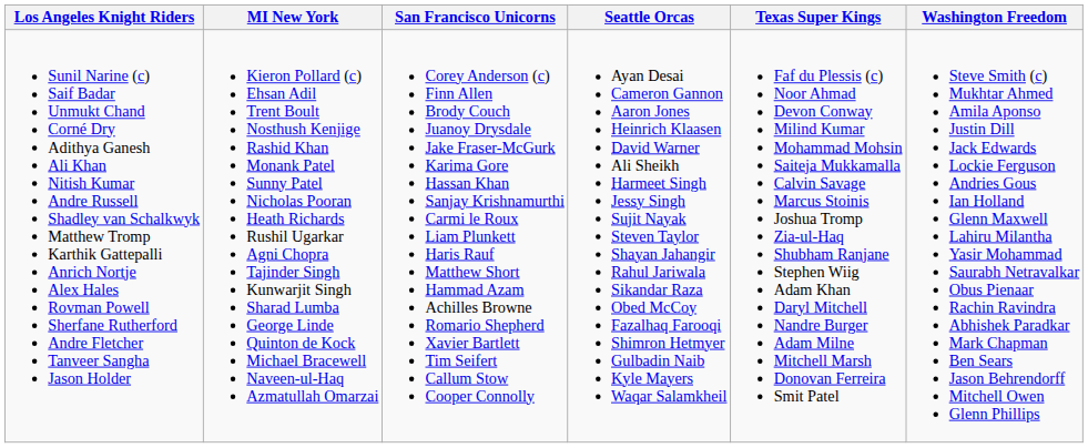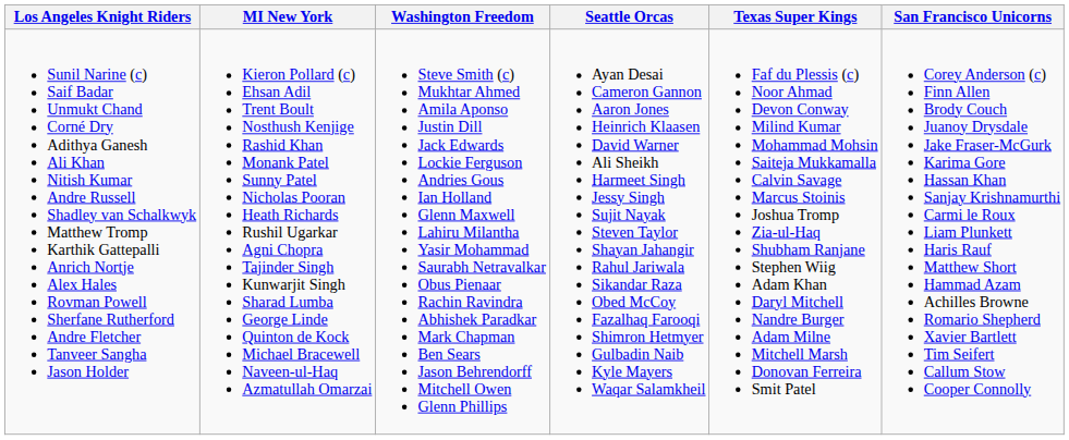 <table class="wikitable">
 <tr>
 <th><a href='#'>Los Angeles Knight Riders</a></th>
 <th><a href='#'>MI New York</a></th>
-<th><a href='#'>San Francisco Unicorns</a></th>
+<th><a href='#'>Washington Freedom</a></th>
 <th><a href='#'>Seattle Orcas</a></th>
 <th><a href='#'>Texas Super Kings</a></th>
-<th><a href='#'>Washington Freedom</a></th>
+<th><a href='#'>San Francisco Unicorns</a></th>
 </tr>
 <tr style="vertical-align:top">
 <td><br><ul><li><a href='#'>Sunil Narine</a> (<a href='#'>c</a>)</li><li><a href='#'>Saif Badar</a></li><li><a href='#'>Unmukt Chand</a></li><li><a href='#'>Corné Dry</a></li><li>Adithya Ganesh</li><li><a href='#'>Ali Khan</a></li><li><a href='#'>Nitish Kumar</a></li><li><a href='#'>Andre Russell</a></li><li><a href='#'>Shadley van Schalkwyk</a></li><li>Matthew Tromp</li><li>Karthik Gattepalli</li><li><a href='#'>Anrich Nortje</a></li><li><a href='#'>Alex Hales</a></li><li><a href='#'>Rovman Powell</a></li><li><a href='#'>Sherfane Rutherford</a></li><li><a href='#'>Andre Fletcher</a></li><li><a href='#'>Tanveer Sangha</a></li><li><a href='#'>Jason Holder</a></li></ul></td>
 <td><br><ul><li><a href='#'>Kieron Pollard</a> (<a href='#'>c</a>)</li><li><a href='#'>Ehsan Adil</a></li><li><a href='#'>Trent Boult</a></li><li><a href='#'>Nosthush Kenjige</a></li><li><a href='#'>Rashid Khan</a></li><li><a href='#'>Monank Patel</a></li><li><a href='#'>Sunny Patel</a></li><li><a href='#'>Nicholas Pooran</a></li><li><a href='#'>Heath Richards</a></li><li>Rushil Ugarkar</li><li><a href='#'>Agni Chopra</a></li><li><a href='#'>Tajinder Singh</a></li><li>Kunwarjit Singh</li><li><a href='#'>Sharad Lumba</a></li><li><a href='#'>George Linde</a></li><li><a href='#'>Quinton de Kock</a></li><li><a href='#'>Michael Bracewell</a></li><li><a href='#'>Naveen-ul-Haq</a></li><li><a href='#'>Azmatullah Omarzai</a></li></ul></td>
-<td><br><ul><li><a href='#'>Corey Anderson</a> (<a href='#'>c</a>)</li><li><a href='#'>Finn Allen</a></li><li><a href='#'>Brody Couch</a></li><li><a href='#'>Juanoy Drysdale</a></li><li><a href='#'>Jake Fraser-McGurk</a></li><li><a href='#'>Karima Gore</a></li><li><a href='#'>Hassan Khan</a></li><li><a href='#'>Sanjay Krishnamurthi</a></li><li><a href='#'>Carmi le Roux</a></li><li><a href='#'>Liam Plunkett</a></li><li><a href='#'>Haris Rauf</a></li><li><a href='#'>Matthew Short</a></li><li><a href='#'>Hammad Azam</a></li><li>Achilles Browne</li><li><a href='#'>Romario Shepherd</a></li><li><a href='#'>Xavier Bartlett</a></li><li><a href='#'>Tim Seifert</a></li><li><a href='#'>Callum Stow</a></li><li><a href='#'>Cooper Connolly</a></li></ul></td>
+<td><br><ul><li><a href='#'>Steve Smith</a> (<a href='#'>c</a>)</li><li><a href='#'>Mukhtar Ahmed</a></li><li><a href='#'>Amila Aponso</a></li><li><a href='#'>Justin Dill</a></li><li><a href='#'>Jack Edwards</a></li><li><a href='#'>Lockie Ferguson</a></li><li><a href='#'>Andries Gous</a></li><li><a href='#'>Ian Holland</a></li><li><a href='#'>Glenn Maxwell</a></li><li><a href='#'>Lahiru Milantha</a></li><li><a href='#'>Yasir Mohammad</a></li><li><a href='#'>Saurabh Netravalkar</a></li><li><a href='#'>Obus Pienaar</a></li><li><a href='#'>Rachin Ravindra</a></li><li><a href='#'>Abhishek Paradkar</a></li><li><a href='#'>Mark Chapman</a></li><li><a href='#'>Ben Sears</a></li><li><a href='#'>Jason Behrendorff</a></li><li><a href='#'>Mitchell Owen</a></li><li><a href='#'>Glenn Phillips</a></li></ul></td>
 <td><br><ul><li>Ayan Desai</li><li><a href='#'>Cameron Gannon</a></li><li><a href='#'>Aaron Jones</a></li><li><a href='#'>Heinrich Klaasen</a></li><li><a href='#'>David Warner</a></li><li>Ali Sheikh</li><li><a href='#'>Harmeet Singh</a></li><li><a href='#'>Jessy Singh</a></li><li><a href='#'>Sujit Nayak</a></li><li><a href='#'>Steven Taylor</a></li><li><a href='#'>Shayan Jahangir</a></li><li><a href='#'>Rahul Jariwala</a></li><li><a href='#'>Sikandar Raza</a></li><li><a href='#'>Obed McCoy</a></li><li><a href='#'>Fazalhaq Farooqi</a></li><li><a href='#'>Shimron Hetmyer</a></li><li><a href='#'>Gulbadin Naib</a></li><li><a href='#'>Kyle Mayers</a></li><li><a href='#'>Waqar Salamkheil</a></li></ul></td>
 <td><br><ul><li><a href='#'>Faf du Plessis</a> (<a href='#'>c</a>)</li><li><a href='#'>Noor Ahmad</a></li><li><a href='#'>Devon Conway</a></li><li><a href='#'>Milind Kumar</a></li><li><a href='#'>Mohammad Mohsin</a></li><li><a href='#'>Saiteja Mukkamalla</a></li><li><a href='#'>Calvin Savage</a></li><li><a href='#'>Marcus Stoinis</a></li><li>Joshua Tromp</li><li><a href='#'>Zia-ul-Haq</a></li><li><a href='#'>Shubham Ranjane</a></li><li>Stephen Wiig</li><li>Adam Khan</li><li><a href='#'>Daryl Mitchell</a></li><li><a href='#'>Nandre Burger</a></li><li><a href='#'>Adam Milne</a></li><li><a href='#'>Mitchell Marsh</a></li><li><a href='#'>Donovan Ferreira</a></li><li>Smit Patel</li></ul></td>
-<td><br><ul><li><a href='#'>Steve Smith</a> (<a href='#'>c</a>)</li><li><a href='#'>Mukhtar Ahmed</a></li><li><a href='#'>Amila Aponso</a></li><li><a href='#'>Justin Dill</a></li><li><a href='#'>Jack Edwards</a></li><li><a href='#'>Lockie Ferguson</a></li><li><a href='#'>Andries Gous</a></li><li><a href='#'>Ian Holland</a></li><li><a href='#'>Glenn Maxwell</a></li><li><a href='#'>Lahiru Milantha</a></li><li><a href='#'>Yasir Mohammad</a></li><li><a href='#'>Saurabh Netravalkar</a></li><li><a href='#'>Obus Pienaar</a></li><li><a href='#'>Rachin Ravindra</a></li><li><a href='#'>Abhishek Paradkar</a></li><li><a href='#'>Mark Chapman</a></li><li><a href='#'>Ben Sears</a></li><li><a href='#'>Jason Behrendorff</a></li><li><a href='#'>Mitchell Owen</a></li><li><a href='#'>Glenn Phillips</a></li></ul></td>
+<td><br><ul><li><a href='#'>Corey Anderson</a> (<a href='#'>c</a>)</li><li><a href='#'>Finn Allen</a></li><li><a href='#'>Brody Couch</a></li><li><a href='#'>Juanoy Drysdale</a></li><li><a href='#'>Jake Fraser-McGurk</a></li><li><a href='#'>Karima Gore</a></li><li><a href='#'>Hassan Khan</a></li><li><a href='#'>Sanjay Krishnamurthi</a></li><li><a href='#'>Carmi le Roux</a></li><li><a href='#'>Liam Plunkett</a></li><li><a href='#'>Haris Rauf</a></li><li><a href='#'>Matthew Short</a></li><li><a href='#'>Hammad Azam</a></li><li>Achilles Browne</li><li><a href='#'>Romario Shepherd</a></li><li><a href='#'>Xavier Bartlett</a></li><li><a href='#'>Tim Seifert</a></li><li><a href='#'>Callum Stow</a></li><li><a href='#'>Cooper Connolly</a></li></ul></td>
 </tr>
 </table>
